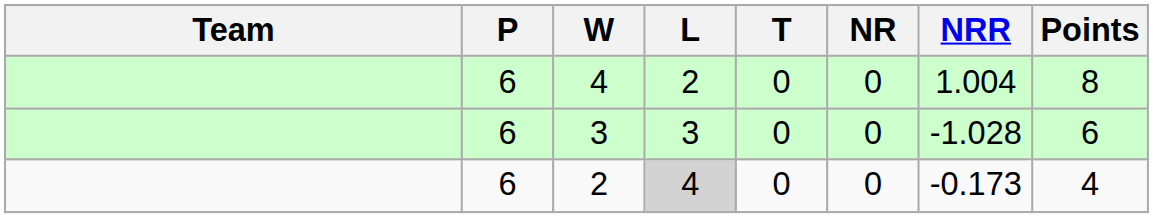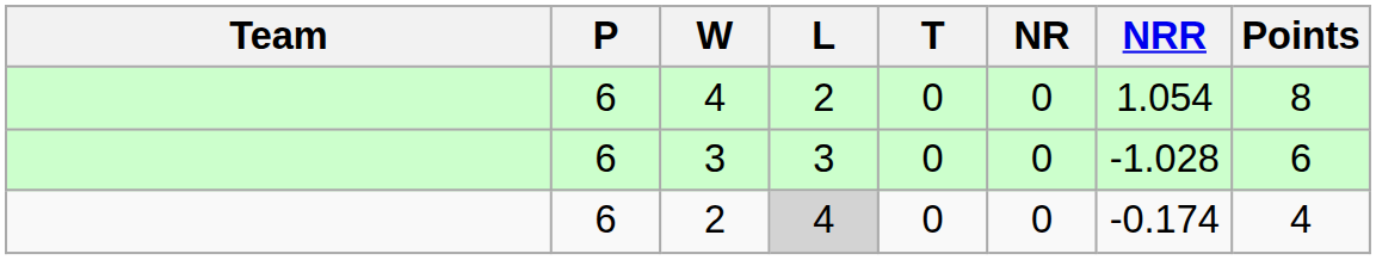 <table class="wikitable" style="text-align: center;">
 <tr>
 <th style="width:40%;">Team</th>
 <th style="width:8%;">P</th>
 <th style="width:8%;">W</th>
 <th style="width:8%;">L</th>
 <th style="width:8%;">T</th>
 <th style="width:8%;">NR</th>
 <th style="width:10%;"><a href='#'>NRR</a></th>
 <th style="width:10%;">Points</th>
 </tr>
 <tr style="background:#cfc;">
 <td align=left></td>
 <td>6</td>
 <td>4</td>
 <td>2</td>
 <td>0</td>
 <td>0</td>
-<td>1.004</td>
+<td>1.054</td>
 <td>8</td>
 </tr>
 <tr style="background:#cfc;">
 <td align=left></td>
 <td>6</td>
 <td>3</td>
 <td>3</td>
 <td>0</td>
 <td>0</td>
 <td>-1.028</td>
 <td>6</td>
 </tr>
 <tr>
 <td align=left></td>
 <td>6</td>
 <td>2</td>
 <td style="background: lightgrey;">4</td>
 <td>0</td>
 <td>0</td>
-<td>-0.173</td>
+<td>-0.174</td>
 <td>4</td>
 </tr>
 </table>
